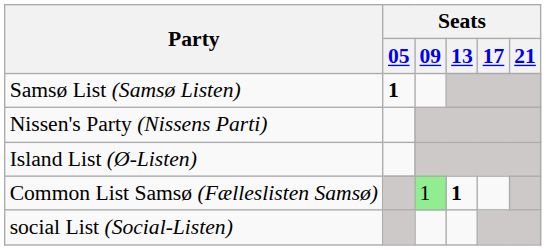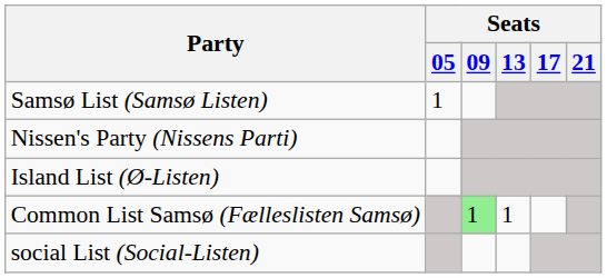 <table class="wikitable">
 <tr>
 <th rowspan=2>Party</th>
 <th colspan=11>Seats</th>
 </tr>
 <tr>
 <th><a href='#'>05</a></th>
 <th><a href='#'>09</a></th>
 <th><a href='#'>13</a></th>
 <th><a href='#'>17</a></th>
 <th><a href='#'>21</a></th>
 </tr>
 <tr>
 <td>Samsø List <em>(Samsø Listen)</em></td>
-<td><strong>1</strong></td>
+<td>1</td>
 <td></td>
 <td style="background:#CDC9C9;" colspan=3></td>
 </tr>
 <tr>
 <td>Nissen's Party <em>(Nissens Parti)</em></td>
 <td></td>
 <td style="background:#CDC9C9;" colspan=4></td>
 </tr>
 <tr>
 <td>Island List <em>(Ø-Listen)</em></td>
 <td></td>
 <td style="background:#CDC9C9;" colspan=4></td>
 </tr>
 <tr>
 <td>Common List Samsø <em>(Fælleslisten Samsø)</em></td>
 <td style="background:#CDC9C9;"></td>
 <td style="background: lightgreen;">1</td>
-<td><strong>1</strong></td>
+<td>1</td>
 <td></td>
 <td style="background:#CDC9C9;"></td>
 </tr>
 <tr>
 <td>social List <em>(Social-Listen)</em></td>
 <td style="background:#CDC9C9;"></td>
 <td></td>
 <td></td>
 <td style="background:#CDC9C9;" colspan=2></td>
 </tr>
 </table>
